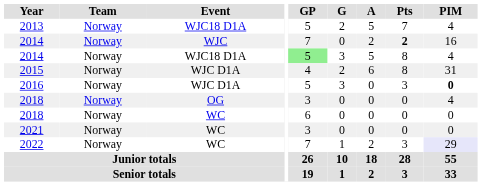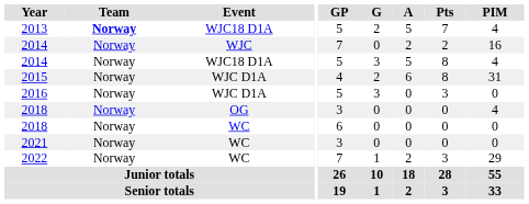 <table border="0" cellpadding="1" cellspacing="0" ID="Table3" style="text-align:center; width:40em">
 <tr ALIGN="center" bgcolor="#e0e0e0">
 <th>Year</th>
 <th>Team</th>
 <th>Event</th>
 <th rowspan="99" bgcolor="#ffffff"></th>
 <th>GP</th>
 <th>G</th>
 <th>A</th>
 <th>Pts</th>
 <th>PIM</th>
 </tr>
 <tr>
 <td><a href='#'>2013</a></td>
-<td><a href='#'>Norway</a></td>
+<td><strong><a href='#'>Norway</a></strong></td>
 <td><a href='#'>WJC18 D1A</a></td>
 <td>5</td>
 <td>2</td>
 <td>5</td>
 <td>7</td>
 <td>4</td>
 </tr>
 <tr bgcolor="#f0f0f0">
 <td><a href='#'>2014</a></td>
 <td><a href='#'>Norway</a></td>
 <td><a href='#'>WJC</a></td>
 <td>7</td>
 <td>0</td>
 <td>2</td>
-<td><strong>2</strong></td>
+<td>2</td>
 <td>16</td>
 </tr>
 <tr>
 <td><a href='#'>2014</a></td>
 <td>Norway</td>
 <td>WJC18 D1A</td>
-<td style="background: lightgreen;">5</td>
+<td>5</td>
 <td>3</td>
 <td>5</td>
 <td>8</td>
 <td>4</td>
 </tr>
 <tr bgcolor="#f0f0f0">
 <td><a href='#'>2015</a></td>
 <td>Norway</td>
 <td>WJC D1A</td>
 <td>4</td>
 <td>2</td>
 <td>6</td>
 <td>8</td>
 <td>31</td>
 </tr>
 <tr>
 <td><a href='#'>2016</a></td>
 <td>Norway</td>
 <td>WJC D1A</td>
 <td>5</td>
 <td>3</td>
 <td>0</td>
 <td>3</td>
-<td><strong>0</strong></td>
+<td>0</td>
 </tr>
 <tr bgcolor="#f0f0f0">
 <td><a href='#'>2018</a></td>
 <td><a href='#'>Norway</a></td>
 <td><a href='#'>OG</a></td>
 <td>3</td>
 <td>0</td>
 <td>0</td>
 <td>0</td>
 <td>4</td>
 </tr>
 <tr>
 <td><a href='#'>2018</a></td>
 <td>Norway</td>
 <td><a href='#'>WC</a></td>
 <td>6</td>
 <td>0</td>
 <td>0</td>
 <td>0</td>
 <td>0</td>
 </tr>
 <tr bgcolor="#f0f0f0">
 <td><a href='#'>2021</a></td>
 <td>Norway</td>
 <td>WC</td>
 <td>3</td>
 <td>0</td>
 <td>0</td>
 <td>0</td>
 <td>0</td>
 </tr>
 <tr>
 <td><a href='#'>2022</a></td>
 <td>Norway</td>
 <td>WC</td>
 <td>7</td>
 <td>1</td>
 <td>2</td>
 <td>3</td>
-<td style="background: lavender;">29</td>
+<td>29</td>
 </tr>
 <tr bgcolor="#e0e0e0">
 <th colspan="3">Junior totals</th>
 <th>26</th>
 <th>10</th>
 <th>18</th>
 <th>28</th>
 <th>55</th>
 </tr>
 <tr bgcolor="#e0e0e0">
 <th colspan="3">Senior totals</th>
 <th>19</th>
 <th>1</th>
 <th>2</th>
 <th>3</th>
 <th>33</th>
 </tr>
 </table>
